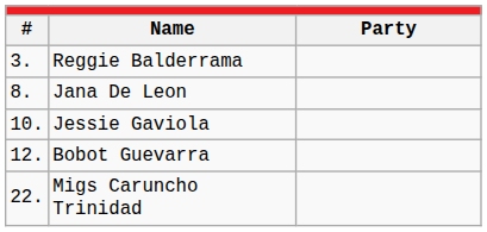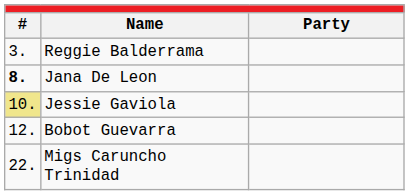 <table class=wikitable style="font-size:90%">
 <tr>
 <td colspan=4 bgcolor=#ed1e24></td>
 </tr>
 <tr>
 <th>#</th>
 <th width=150px>Name</th>
 <th colspan=2 width=110px>Party</th>
 </tr>
 <tr>
 <td>3.</td>
 <td>Reggie Balderrama</td>
 <td></td>
 </tr>
 <tr>
-<td>8.</td>
+<td><strong>8.</strong></td>
 <td>Jana De Leon</td>
 <td></td>
 </tr>
 <tr>
-<td>10.</td>
+<td style="background: khaki;">10.</td>
 <td>Jessie Gaviola</td>
 <td></td>
 </tr>
 <tr>
 <td>12.</td>
 <td>Bobot Guevarra</td>
 <td></td>
 </tr>
 <tr>
 <td>22.</td>
 <td>Migs Caruncho Trinidad</td>
 <td></td>
 </tr>
 </table>
